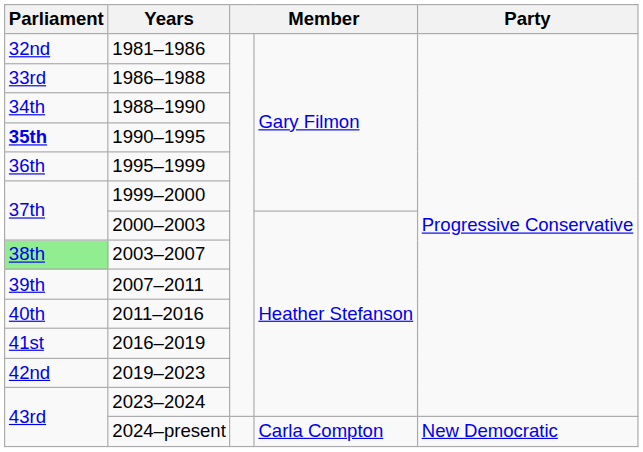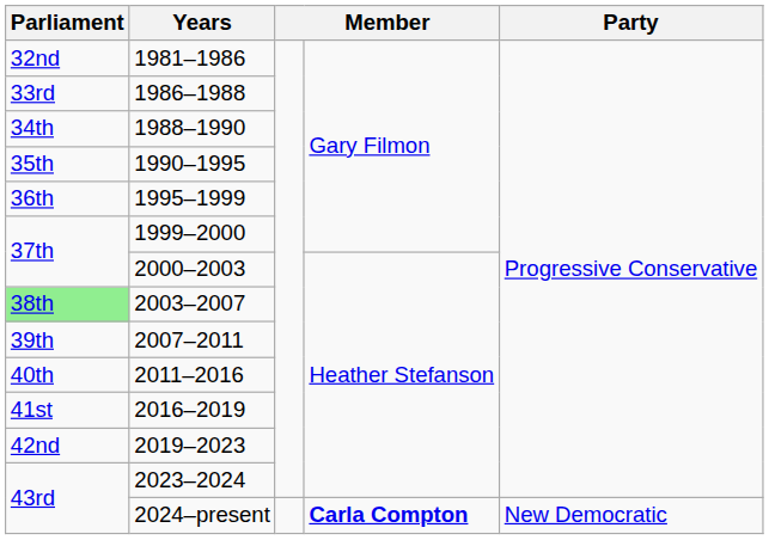 <table class="wikitable">
 <tr>
 <th>Parliament</th>
 <th>Years</th>
 <th colspan="2">Member</th>
 <th>Party<br></th>
 </tr>
 <tr>
 <td><a href='#'>32nd</a></td>
 <td>1981–1986</td>
 <td rowspan="13" >   </td>
 <td rowspan="6"><a href='#'>Gary Filmon</a></td>
 <td rowspan="13"><a href='#'>Progressive Conservative</a></td>
 </tr>
 <tr>
 <td><a href='#'>33rd</a></td>
 <td>1986–1988</td>
 </tr>
 <tr>
 <td><a href='#'>34th</a></td>
 <td>1988–1990</td>
 </tr>
 <tr>
-<td><strong><a href='#'>35th</a></strong></td>
+<td><a href='#'>35th</a></td>
 <td>1990–1995</td>
 </tr>
 <tr>
 <td><a href='#'>36th</a></td>
 <td>1995–1999</td>
 </tr>
 <tr>
 <td rowspan="2"><a href='#'>37th</a></td>
 <td>1999–2000</td>
 </tr>
 <tr>
 <td>2000–2003</td>
 <td rowspan="7"><a href='#'>Heather Stefanson</a></td>
 </tr>
 <tr>
 <td style="background: lightgreen;"><a href='#'>38th</a></td>
 <td>2003–2007</td>
 </tr>
 <tr>
 <td><a href='#'>39th</a></td>
 <td>2007–2011</td>
 </tr>
 <tr>
 <td><a href='#'>40th</a></td>
 <td>2011–2016</td>
 </tr>
 <tr>
 <td><a href='#'>41st</a></td>
 <td>2016–2019</td>
 </tr>
 <tr>
 <td><a href='#'>42nd</a></td>
 <td>2019–2023</td>
 </tr>
 <tr>
 <td rowspan="2"><a href='#'>43rd</a></td>
 <td>2023–2024</td>
 </tr>
 <tr>
 <td>2024–present</td>
 <td>   </td>
-<td><a href='#'>Carla Compton</a></td>
+<td><strong><a href='#'>Carla Compton</a></strong></td>
 <td><a href='#'>New Democratic</a></td>
 </tr>
 </table>
